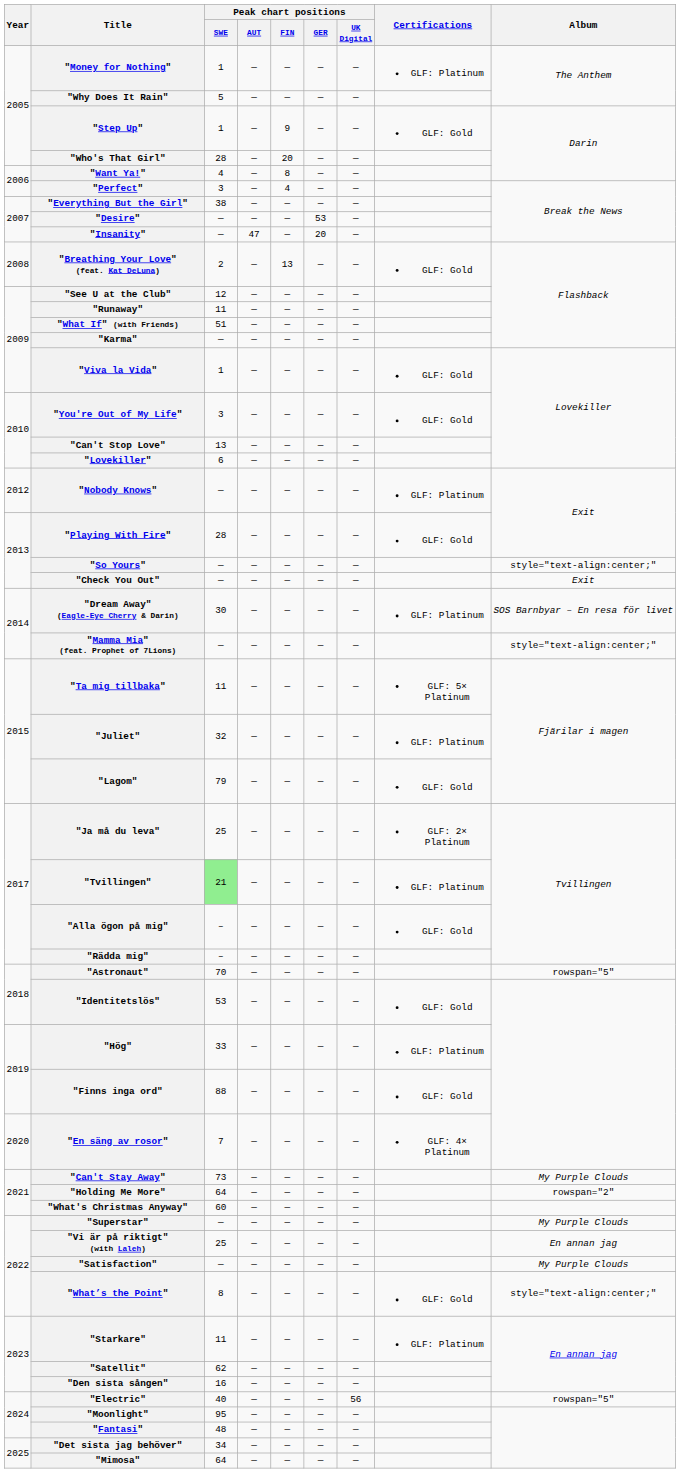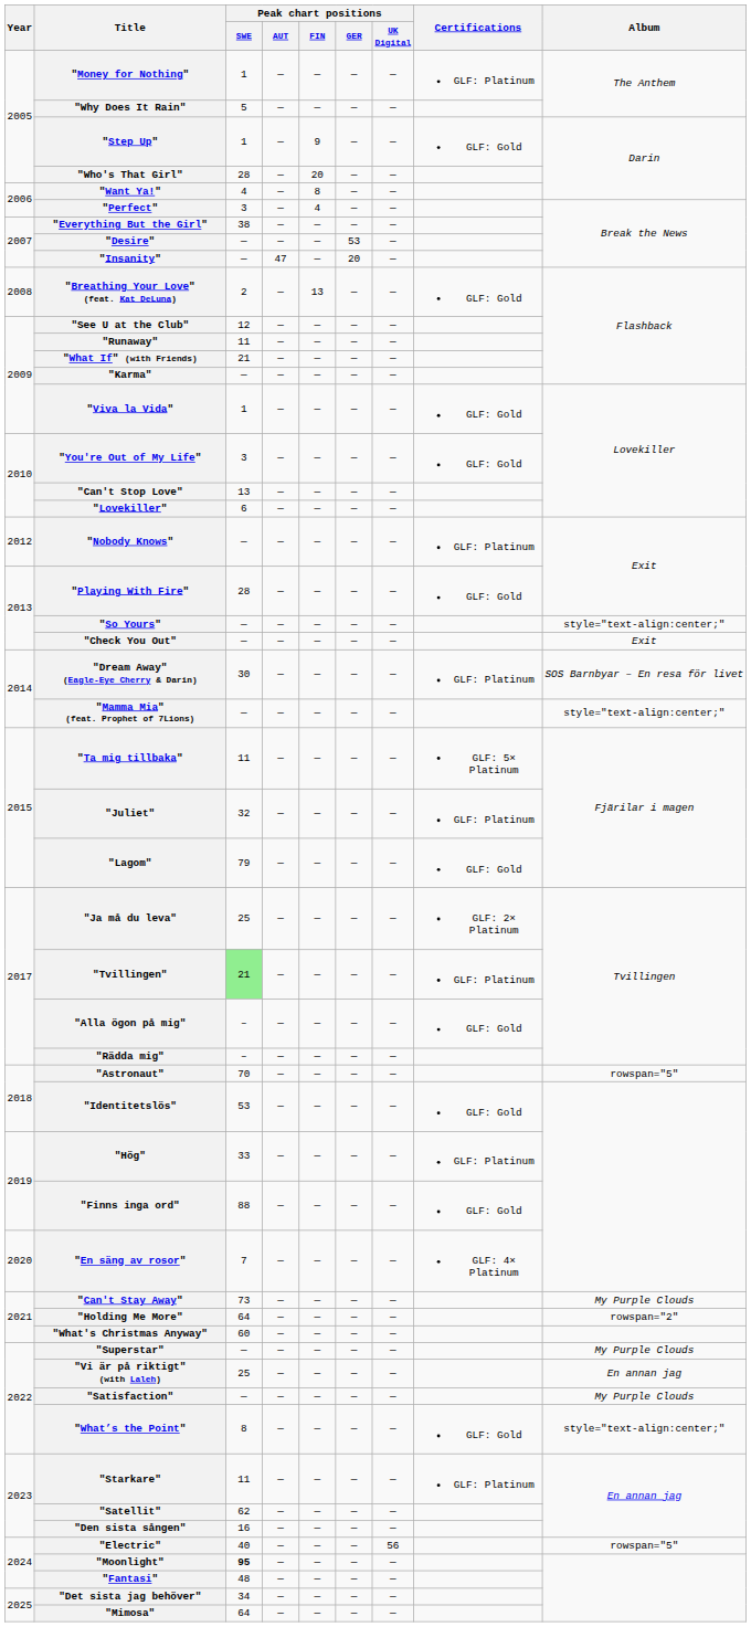 <table class="wikitable plainrowheaders" style="text-align:center;">
 <tr>
 <th scope="col" rowspan="2" style="width:1em;">Year</th>
 <th scope="col" rowspan="2" style="width:18em;">Title</th>
 <th scope="col" colspan="5">Peak chart positions</th>
 <th scope="col" rowspan="2" style="width:12em;"><a href='#'>Certifications</a></th>
 <th scope="col" rowspan="2">Album</th>
 </tr>
 <tr>
 <th width="40"><small><a href='#'>SWE</a></small><br></th>
 <th width="40"><small><a href='#'>AUT</a></small><br></th>
 <th width="40"><small><a href='#'>FIN</a></small><br></th>
 <th width="40"><small><a href='#'>GER</a></small><br></th>
 <th width="40"><small><a href='#'>UK Digital</a></small><br></th>
 </tr>
 <tr>
 <td rowspan="4">2005</td>
 <th scope="row">"<a href='#'>Money for Nothing</a>"</th>
 <td style="text-align:center;">1</td>
 <td style="text-align:center;">—</td>
 <td style="text-align:center;">—</td>
 <td style="text-align:center;">—</td>
 <td style="text-align:center;">—</td>
 <td><br><ul><li>GLF: Platinum</li></ul></td>
 <td style="text-align:center;" rowspan="2"><em>The Anthem</em></td>
 </tr>
 <tr>
 <th scope="row">"Why Does It Rain"</th>
 <td style="text-align:center;">5</td>
 <td style="text-align:center;">—</td>
 <td style="text-align:center;">—</td>
 <td style="text-align:center;">—</td>
 <td style="text-align:center;">—</td>
 <td></td>
 </tr>
 <tr>
 <th scope="row">"<a href='#'>Step Up</a>"</th>
 <td style="text-align:center;">1</td>
 <td style="text-align:center;">—</td>
 <td style="text-align:center;">9</td>
 <td style="text-align:center;">—</td>
 <td style="text-align:center;">—</td>
 <td><br><ul><li>GLF: Gold</li></ul></td>
 <td style="text-align:center;" rowspan="3"><em>Darin</em></td>
 </tr>
 <tr>
 <th scope="row">"Who's That Girl"</th>
 <td style="text-align:center;">28</td>
 <td style="text-align:center;">—</td>
 <td style="text-align:center;">20</td>
 <td style="text-align:center;">—</td>
 <td style="text-align:center;">—</td>
 <td></td>
 </tr>
 <tr>
 <td rowspan="2">2006</td>
 <th scope="row">"<a href='#'>Want Ya!</a>"</th>
 <td style="text-align:center;">4</td>
 <td style="text-align:center;">—</td>
 <td style="text-align:center;">8</td>
 <td style="text-align:center;">—</td>
 <td style="text-align:center;">—</td>
 <td></td>
 </tr>
 <tr>
 <th scope="row">"<a href='#'>Perfect</a>"</th>
 <td style="text-align:center;">3</td>
 <td style="text-align:center;">—</td>
 <td style="text-align:center;">4</td>
 <td style="text-align:center;">—</td>
 <td style="text-align:center;">—</td>
 <td></td>
 <td style="text-align:center;" rowspan="4"><em>Break the News</em></td>
 </tr>
 <tr>
 <td rowspan="3">2007</td>
 <th scope="row">"<a href='#'>Everything But the Girl</a>"</th>
 <td style="text-align:center;">38</td>
 <td style="text-align:center;">—</td>
 <td style="text-align:center;">—</td>
 <td style="text-align:center;">—</td>
 <td style="text-align:center;">—</td>
 <td></td>
 </tr>
 <tr>
 <th scope="row">"<a href='#'>Desire</a>"</th>
 <td style="text-align:center;">—</td>
 <td style="text-align:center;">—</td>
 <td style="text-align:center;">—</td>
 <td style="text-align:center;">53</td>
 <td style="text-align:center;">—</td>
 <td></td>
 </tr>
 <tr>
 <th scope="row">"<a href='#'>Insanity</a>"</th>
 <td style="text-align:center;">—</td>
 <td style="text-align:center;">47</td>
 <td style="text-align:center;">—</td>
 <td style="text-align:center;">20</td>
 <td style="text-align:center;">—</td>
 <td></td>
 </tr>
 <tr>
 <td>2008</td>
 <th scope="row">"<a href='#'>Breathing Your Love</a>" <br><small>(feat. <a href='#'>Kat DeLuna</a>)</small></th>
 <td style="text-align:center;">2</td>
 <td style="text-align:center;">—</td>
 <td style="text-align:center;">13</td>
 <td style="text-align:center;">—</td>
 <td style="text-align:center;">—</td>
 <td><br><ul><li>GLF: Gold</li></ul></td>
 <td style="text-align:center;" rowspan="5"><em>Flashback</em></td>
 </tr>
 <tr>
 <td rowspan="5">2009</td>
 <th scope="row">"See U at the Club"</th>
 <td style="text-align:center;">12</td>
 <td style="text-align:center;">—</td>
 <td style="text-align:center;">—</td>
 <td style="text-align:center;">—</td>
 <td style="text-align:center;">—</td>
 <td></td>
 </tr>
 <tr>
 <th scope="row">"Runaway"</th>
 <td style="text-align:center;">11</td>
 <td style="text-align:center;">—</td>
 <td style="text-align:center;">—</td>
 <td style="text-align:center;">—</td>
 <td style="text-align:center;">—</td>
 <td></td>
 </tr>
 <tr>
 <th scope="row">"<a href='#'>What If</a>" <small> (with Friends)</small></th>
-<td style="text-align:center;">51</td>
+<td style="text-align:center;">21</td>
 <td style="text-align:center;">—</td>
 <td style="text-align:center;">—</td>
 <td style="text-align:center;">—</td>
 <td style="text-align:center;">—</td>
 <td></td>
 </tr>
 <tr>
 <th scope="row">"Karma"</th>
 <td style="text-align:center;">—</td>
 <td style="text-align:center;">—</td>
 <td style="text-align:center;">—</td>
 <td style="text-align:center;">—</td>
 <td style="text-align:center;">—</td>
 <td></td>
 </tr>
 <tr>
 <th scope="row">"<a href='#'>Viva la Vida</a>"</th>
 <td style="text-align:center;">1</td>
 <td style="text-align:center;">—</td>
 <td style="text-align:center;">—</td>
 <td style="text-align:center;">—</td>
 <td style="text-align:center;">—</td>
 <td><br><ul><li>GLF: Gold</li></ul></td>
 <td style="text-align:center;" rowspan="4"><em>Lovekiller</em></td>
 </tr>
 <tr>
 <td rowspan="3">2010</td>
 <th scope="row">"<a href='#'>You're Out of My Life</a>"</th>
 <td style="text-align:center;">3</td>
 <td style="text-align:center;">—</td>
 <td style="text-align:center;">—</td>
 <td style="text-align:center;">—</td>
 <td style="text-align:center;">—</td>
 <td><br><ul><li>GLF: Gold</li></ul></td>
 </tr>
 <tr>
 <th scope="row">"Can't Stop Love"</th>
 <td style="text-align:center;">13</td>
 <td style="text-align:center;">—</td>
 <td style="text-align:center;">—</td>
 <td style="text-align:center;">—</td>
 <td style="text-align:center;">—</td>
 <td></td>
 </tr>
 <tr>
 <th scope="row">"<a href='#'>Lovekiller</a>"</th>
 <td style="text-align:center;">6</td>
 <td style="text-align:center;">—</td>
 <td style="text-align:center;">—</td>
 <td style="text-align:center;">—</td>
 <td style="text-align:center;">—</td>
 <td></td>
 </tr>
 <tr>
 <td>2012</td>
 <th scope="row">"<a href='#'>Nobody Knows</a>"</th>
 <td style="text-align:center;">—</td>
 <td style="text-align:center;">—</td>
 <td style="text-align:center;">—</td>
 <td style="text-align:center;">—</td>
 <td style="text-align:center;">—</td>
 <td><br><ul><li>GLF: Platinum</li></ul></td>
 <td style="text-align:center;" rowspan="2"><em>Exit</em></td>
 </tr>
 <tr>
 <td rowspan="3">2013</td>
 <th scope="row">"<a href='#'>Playing With Fire</a>"</th>
 <td style="text-align:center;">28</td>
 <td style="text-align:center;">—</td>
 <td style="text-align:center;">—</td>
 <td style="text-align:center;">—</td>
 <td style="text-align:center;">—</td>
 <td><br><ul><li>GLF: Gold</li></ul></td>
 </tr>
 <tr>
 <th scope="row">"<a href='#'>So Yours</a>"</th>
 <td style="text-align:center;">—</td>
 <td style="text-align:center;">—</td>
 <td style="text-align:center;">—</td>
 <td style="text-align:center;">—</td>
 <td style="text-align:center;">—</td>
 <td></td>
 <td>style="text-align:center;" </td>
 </tr>
 <tr>
 <th scope="row">"Check You Out"</th>
 <td style="text-align:center;">—</td>
 <td style="text-align:center;">—</td>
 <td style="text-align:center;">—</td>
 <td style="text-align:center;">—</td>
 <td style="text-align:center;">—</td>
 <td></td>
 <td style="text-align:center;"><em>Exit</em></td>
 </tr>
 <tr>
 <td rowspan="2">2014</td>
 <th scope="row">"Dream Away" <br><small>(<a href='#'>Eagle-Eye Cherry</a> & Darin)</small></th>
 <td style="text-align:center;">30</td>
 <td style="text-align:center;">—</td>
 <td style="text-align:center;">—</td>
 <td style="text-align:center;">—</td>
 <td style="text-align:center;">—</td>
 <td><br><ul><li>GLF: Platinum</li></ul></td>
 <td style="text-align:center;"><em>SOS Barnbyar – En resa för livet</em></td>
 </tr>
 <tr>
 <th scope="row">"<a href='#'>Mamma Mia</a>" <br><small>(feat. Prophet of 7Lions)</small></th>
 <td style="text-align:center;">—</td>
 <td style="text-align:center;">—</td>
 <td style="text-align:center;">—</td>
 <td style="text-align:center;">—</td>
 <td style="text-align:center;">—</td>
 <td></td>
 <td>style="text-align:center;" </td>
 </tr>
 <tr>
 <td rowspan="3">2015</td>
 <th scope="row">"<a href='#'>Ta mig tillbaka</a>"</th>
 <td style="text-align:center;">11</td>
 <td style="text-align:center;">—</td>
 <td style="text-align:center;">—</td>
 <td style="text-align:center;">—</td>
 <td style="text-align:center;">—</td>
 <td><br><ul><li>GLF: 5× Platinum</li></ul></td>
 <td rowspan="3" style="text-align:center;"><em>Fjärilar i magen</em></td>
 </tr>
 <tr>
 <th scope="row">"Juliet"</th>
 <td style="text-align:center;">32</td>
 <td style="text-align:center;">—</td>
 <td style="text-align:center;">—</td>
 <td style="text-align:center;">—</td>
 <td style="text-align:center;">—</td>
 <td><br><ul><li>GLF: Platinum</li></ul></td>
 </tr>
 <tr>
 <th scope="row">"Lagom"</th>
 <td style="text-align:center;">79</td>
 <td style="text-align:center;">—</td>
 <td style="text-align:center;">—</td>
 <td style="text-align:center;">—</td>
 <td style="text-align:center;">—</td>
 <td><br><ul><li>GLF: Gold</li></ul></td>
 </tr>
 <tr>
 <td rowspan="4">2017</td>
 <th scope="row">"Ja må du leva"</th>
 <td style="text-align:center;">25</td>
 <td style="text-align:center;">—</td>
 <td style="text-align:center;">—</td>
 <td style="text-align:center;">—</td>
 <td style="text-align:center;">—</td>
 <td><br><ul><li>GLF: 2× Platinum</li></ul></td>
 <td rowspan="4" style="text-align:center;"><em>Tvillingen</em></td>
 </tr>
 <tr>
 <th scope="row">"Tvillingen"</th>
 <td style="background: lightgreen; text-align:center;">21</td>
 <td style="text-align:center;">—</td>
 <td style="text-align:center;">—</td>
 <td style="text-align:center;">—</td>
 <td style="text-align:center;">—</td>
 <td><br><ul><li>GLF: Platinum</li></ul></td>
 </tr>
 <tr>
 <th scope="row">"Alla ögon på mig"</th>
 <td style="text-align:center;">–</td>
 <td style="text-align:center;">—</td>
 <td style="text-align:center;">—</td>
 <td style="text-align:center;">—</td>
 <td style="text-align:center;">—</td>
 <td><br><ul><li>GLF: Gold</li></ul></td>
 </tr>
 <tr>
 <th scope="row">"Rädda mig"</th>
 <td style="text-align:center;">–</td>
 <td style="text-align:center;">—</td>
 <td style="text-align:center;">—</td>
 <td style="text-align:center;">—</td>
 <td style="text-align:center;">—</td>
 <td></td>
 </tr>
 <tr>
 <td rowspan="2">2018</td>
 <th scope="row">"Astronaut"</th>
 <td style="text-align:center;">70</td>
 <td style="text-align:center;">—</td>
 <td style="text-align:center;">—</td>
 <td style="text-align:center;">—</td>
 <td style="text-align:center;">—</td>
 <td></td>
 <td>rowspan="5" </td>
 </tr>
 <tr>
 <th scope="row">"Identitetslös"</th>
 <td style="text-align:center;">53</td>
 <td style="text-align:center;">—</td>
 <td style="text-align:center;">—</td>
 <td style="text-align:center;">—</td>
 <td style="text-align:center;">—</td>
 <td><br><ul><li>GLF: Gold</li></ul></td>
 </tr>
 <tr>
 <td rowspan="2">2019</td>
 <th scope="row">"Hög"</th>
 <td style="text-align:center;">33</td>
 <td style="text-align:center;">—</td>
 <td style="text-align:center;">—</td>
 <td style="text-align:center;">—</td>
 <td style="text-align:center;">—</td>
 <td><br><ul><li>GLF: Platinum</li></ul></td>
 </tr>
 <tr>
 <th scope="row">"Finns inga ord"</th>
 <td style="text-align:center;">88</td>
 <td style="text-align:center;">—</td>
 <td style="text-align:center;">—</td>
 <td style="text-align:center;">—</td>
 <td style="text-align:center;">—</td>
 <td><br><ul><li>GLF: Gold</li></ul></td>
 </tr>
 <tr>
 <td>2020</td>
 <th scope="row">"<a href='#'>En säng av rosor</a>"</th>
 <td style="text-align:center;">7</td>
 <td style="text-align:center;">—</td>
 <td style="text-align:center;">—</td>
 <td style="text-align:center;">—</td>
 <td style="text-align:center;">—</td>
 <td><br><ul><li>GLF: 4× Platinum</li></ul></td>
 </tr>
 <tr>
 <td rowspan="3">2021</td>
 <th scope="row">"<a href='#'>Can't Stay Away</a>"</th>
 <td style="text-align:center;">73</td>
 <td style="text-align:center;">—</td>
 <td style="text-align:center;">—</td>
 <td style="text-align:center;">—</td>
 <td style="text-align:center;">—</td>
 <td></td>
 <td style="text-align:center;"><em>My Purple Clouds</em></td>
 </tr>
 <tr>
 <th scope="row">"Holding Me More"</th>
 <td style="text-align:center;">64</td>
 <td style="text-align:center;">—</td>
 <td style="text-align:center;">—</td>
 <td style="text-align:center;">—</td>
 <td style="text-align:center;">—</td>
 <td></td>
 <td>rowspan="2" </td>
 </tr>
 <tr>
 <th scope="row">"What's Christmas Anyway"</th>
 <td style="text-align:center;">60</td>
 <td style="text-align:center;">—</td>
 <td style="text-align:center;">—</td>
 <td style="text-align:center;">—</td>
 <td style="text-align:center;">—</td>
 <td></td>
 </tr>
 <tr>
 <td rowspan="4">2022</td>
 <th scope="row">"Superstar"</th>
 <td style="text-align:center;">—</td>
 <td style="text-align:center;">—</td>
 <td style="text-align:center;">—</td>
 <td style="text-align:center;">—</td>
 <td style="text-align:center;">—</td>
 <td></td>
 <td style="text-align:center;"><em>My Purple Clouds</em></td>
 </tr>
 <tr>
 <th scope="row">"Vi är på riktigt"<br><small>(with <a href='#'>Laleh</a>)</small></th>
 <td style="text-align:center;">25</td>
 <td style="text-align:center;">—</td>
 <td style="text-align:center;">—</td>
 <td style="text-align:center;">—</td>
 <td style="text-align:center;">—</td>
 <td></td>
 <td style="text-align:center;"><em>En annan jag</em></td>
 </tr>
 <tr>
 <th scope="row">"Satisfaction"</th>
 <td style="text-align:center;">—</td>
 <td style="text-align:center;">—</td>
 <td style="text-align:center;">—</td>
 <td style="text-align:center;">—</td>
 <td style="text-align:center;">—</td>
 <td></td>
 <td style="text-align:center;"><em>My Purple Clouds</em></td>
 </tr>
 <tr>
 <th scope="row">"<a href='#'>What’s the Point</a>"</th>
 <td style="text-align:center;">8</td>
 <td style="text-align:center;">—</td>
 <td style="text-align:center;">—</td>
 <td style="text-align:center;">—</td>
 <td style="text-align:center;">—</td>
 <td><br><ul><li>GLF: Gold</li></ul></td>
 <td>style="text-align:center;" </td>
 </tr>
 <tr>
 <td rowspan="3">2023</td>
 <th scope="row">"Starkare"</th>
 <td style="text-align:center;">11</td>
 <td style="text-align:center;">—</td>
 <td style="text-align:center;">—</td>
 <td style="text-align:center;">—</td>
 <td style="text-align:center;">—</td>
 <td><br><ul><li>GLF: Platinum</li></ul></td>
 <td rowspan="3"><em><a href='#'>En annan jag</a></em></td>
 </tr>
 <tr>
 <th scope="row">"Satellit"</th>
 <td style="text-align:center;">62</td>
 <td style="text-align:center;">—</td>
 <td style="text-align:center;">—</td>
 <td style="text-align:center;">—</td>
 <td style="text-align:center;">—</td>
 <td></td>
 </tr>
 <tr>
 <th scope="row">"Den sista sången"</th>
 <td style="text-align:center;">16</td>
 <td style="text-align:center;">—</td>
 <td style="text-align:center;">—</td>
 <td style="text-align:center;">—</td>
 <td style="text-align:center;">—</td>
 <td></td>
 </tr>
 <tr>
 <td rowspan="3">2024</td>
 <th scope="row">"Electric"</th>
 <td style="text-align:center;">40</td>
 <td style="text-align:center;">—</td>
 <td style="text-align:center;">—</td>
 <td style="text-align:center;">—</td>
 <td style="text-align:center;">56</td>
 <td></td>
 <td>rowspan="5" </td>
 </tr>
 <tr>
 <th scope="row">"Moonlight"</th>
-<td style="text-align:center;">95</td>
+<td style="text-align:center;"><strong>95</strong></td>
 <td style="text-align:center;">—</td>
 <td style="text-align:center;">—</td>
 <td style="text-align:center;">—</td>
 <td style="text-align:center;">—</td>
 <td></td>
 </tr>
 <tr>
 <th scope="row">"<a href='#'>Fantasi</a>"</th>
 <td style="text-align:center;">48<br></td>
 <td style="text-align:center;">—</td>
 <td style="text-align:center;">—</td>
 <td style="text-align:center;">—</td>
 <td style="text-align:center;">—</td>
 <td></td>
 </tr>
 <tr>
 <td rowspan="2">2025</td>
 <th scope="row">"Det sista jag behöver"</th>
 <td>34<br></td>
 <td>—</td>
 <td>—</td>
 <td>—</td>
 <td>—</td>
 <td></td>
 </tr>
 <tr>
 <th scope="row">"Mimosa"</th>
 <td>64<br></td>
 <td>—</td>
 <td>—</td>
 <td>—</td>
 <td>—</td>
 <td></td>
 </tr>
 </table>
